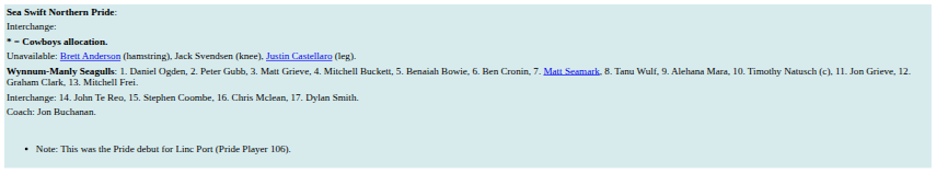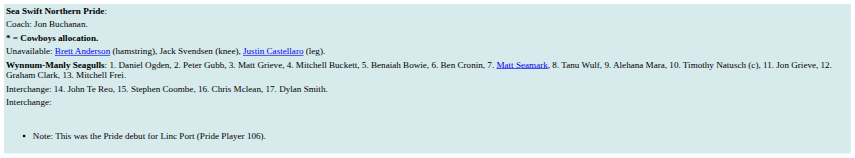 <table style="background:#d7ebed; font-size:85%; width:100%;">
 <tr>
 <td><strong>Sea Swift Northern Pride</strong>:             </td>
 </tr>
 <tr>
-<td>Interchange:    </td>
+<td>Coach: Jon Buchanan.</td>
 </tr>
 <tr>
 <td><strong>* = Cowboys allocation.</strong></td>
 </tr>
 <tr>
 <td>Unavailable: <a href='#'>Brett Anderson</a> (hamstring), Jack Svendsen (knee), <a href='#'>Justin Castellaro</a> (leg).</td>
 </tr>
 <tr>
 <td><strong>Wynnum-Manly Seagulls</strong>: 1. Daniel Ogden, 2. Peter Gubb, 3. Matt Grieve, 4. Mitchell Buckett, 5. Benaiah Bowie, 6. Ben Cronin, 7. <a href='#'>Matt Seamark</a>, 8. Tanu Wulf, 9. Alehana Mara, 10. Timothy Natusch (c), 11. Jon Grieve, 12. Graham Clark, 13. Mitchell Frei.</td>
 </tr>
 <tr>
 <td>Interchange: 14. John Te Reo, 15. Stephen Coombe, 16. Chris Mclean, 17. Dylan Smith.</td>
 </tr>
 <tr>
-<td>Coach: Jon Buchanan.</td>
+<td>Interchange:    </td>
 </tr>
 <tr>
 <td><br><ul><li>Note: This was the Pride debut for Linc Port (Pride Player 106).</li></ul></td>
 </tr>
 <tr>
 </tr>
 </table>
